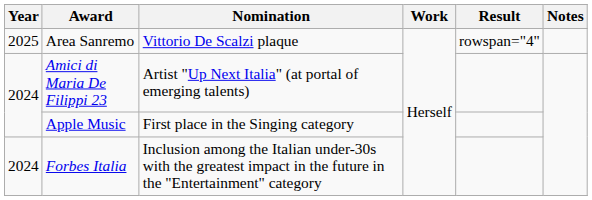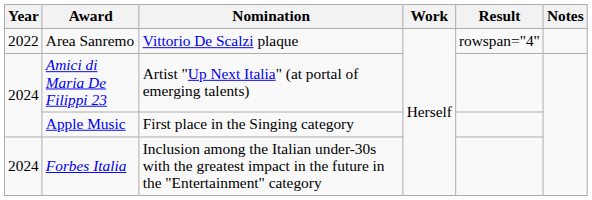 <table class="wikitable">
 <tr>
 <th>Year</th>
 <th>Award</th>
 <th>Nomination</th>
 <th>Work</th>
 <th>Result</th>
 <th>Notes</th>
 </tr>
 <tr>
-<td>2025</td>
+<td>2022</td>
 <td>Area Sanremo</td>
 <td><a href='#'>Vittorio De Scalzi</a> plaque</td>
 <td rowspan="4">Herself</td>
 <td>rowspan="4" </td>
 <td></td>
 </tr>
 <tr>
 <td rowspan="2">2024</td>
 <td><em><a href='#'>Amici di Maria De Filippi 23</a></em></td>
 <td>Artist "<a href='#'>Up Next Italia</a>" (at portal of emerging talents)</td>
 <td></td>
 </tr>
 <tr>
 <td><a href='#'>Apple Music</a></td>
 <td>First place in the Singing category</td>
 <td></td>
 </tr>
 <tr>
 <td>2024</td>
 <td><em><a href='#'>Forbes Italia</a></em></td>
 <td>Inclusion among the Italian under-30s with the greatest impact in the future in the "Entertainment" category</td>
 <td></td>
 </tr>
 </table>
